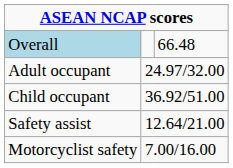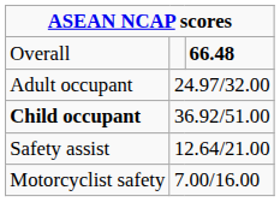 <table class="wikitable">
 <tr>
 <td colspan="3" align="center"><strong><a href='#'>ASEAN NCAP</a> scores</strong></td>
 </tr>
 <tr>
-<td style="background: lightblue;">Overall</td>
+<td>Overall</td>
 <td></td>
-<td>66.48</td>
+<td><strong>66.48</strong></td>
 </tr>
 <tr>
 <td>Adult occupant</td>
 <td colspan="2">24.97/32.00</td>
 </tr>
 <tr>
-<td>Child occupant</td>
+<td><strong>Child occupant</strong></td>
 <td colspan="2">36.92/51.00</td>
 </tr>
 <tr>
 <td>Safety assist</td>
 <td colspan="2">12.64/21.00</td>
 </tr>
 <tr>
 <td>Motorcyclist safety</td>
 <td colspan="2">7.00/16.00</td>
 </tr>
 </table>
